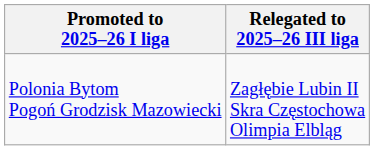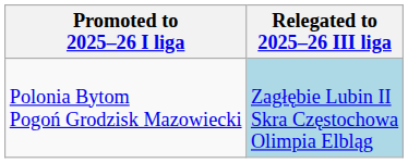 <table class="wikitable">
 <tr>
 <th>Promoted to<br><a href='#'>2025–26 I liga</a></th>
 <th>Relegated to<br><a href='#'>2025–26 III liga</a></th>
 </tr>
 <tr>
 <td> <a href='#'>Polonia Bytom</a> <br>  <a href='#'>Pogoń Grodzisk Mazowiecki</a> <br>  </td>
-<td> <br> <a href='#'>Zagłębie Lubin II</a> <br> <a href='#'>Skra Częstochowa</a>  <br>  <a href='#'>Olimpia Elbląg</a> </td>
+<td style="background: lightblue;"> <br> <a href='#'>Zagłębie Lubin II</a> <br> <a href='#'>Skra Częstochowa</a>  <br>  <a href='#'>Olimpia Elbląg</a> </td>
 </tr>
 </table>
